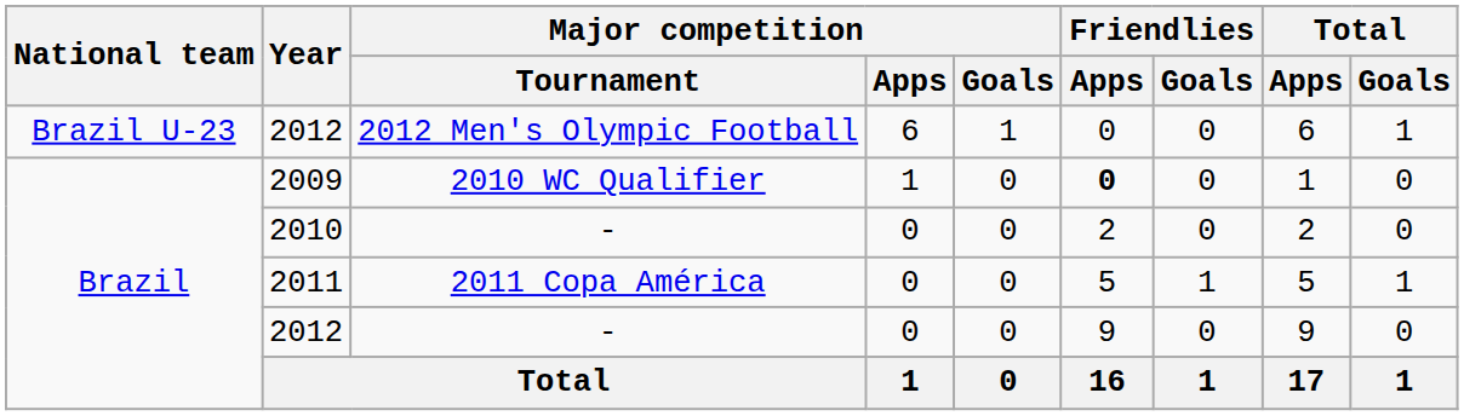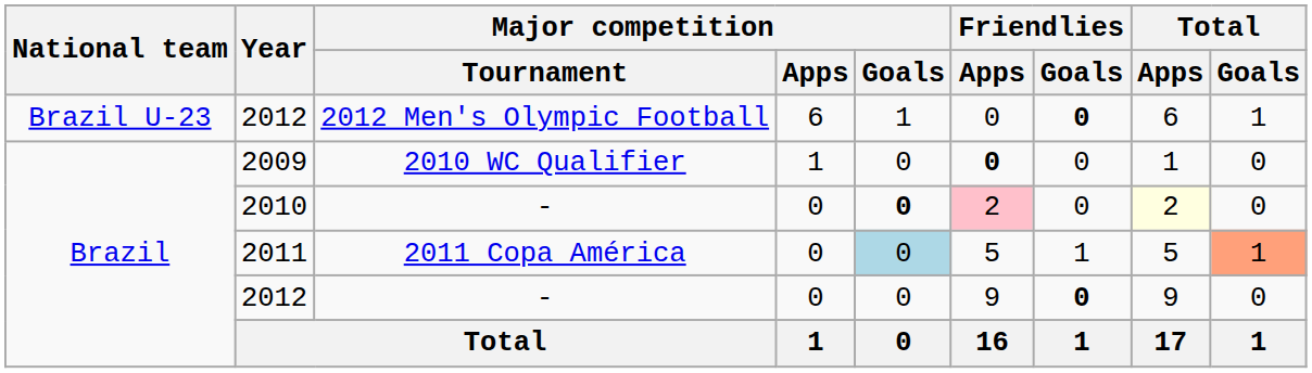 <table class="wikitable" style="font-size:100%; text-align: center">
 <tr>
 <th rowspan="2">National team</th>
 <th rowspan="2">Year</th>
 <th colspan="3">Major competition</th>
 <th colspan="2">Friendlies</th>
 <th colspan="2">Total</th>
 </tr>
 <tr>
 <th>Tournament</th>
 <th>Apps</th>
 <th>Goals</th>
 <th>Apps</th>
 <th>Goals</th>
 <th>Apps</th>
 <th>Goals</th>
 </tr>
 <tr>
 <td><a href='#'>Brazil U-23</a></td>
 <td>2012</td>
 <td><a href='#'>2012 Men's Olympic Football</a></td>
 <td>6</td>
 <td>1</td>
 <td>0</td>
-<td>0</td>
+<td><strong>0</strong></td>
 <td>6</td>
 <td>1</td>
 </tr>
 <tr>
 <td rowspan="5" style="vertical-align:center;"><a href='#'>Brazil</a></td>
 <td>2009</td>
 <td><a href='#'>2010 WC Qualifier</a></td>
 <td>1</td>
 <td>0</td>
 <td><strong>0</strong></td>
 <td>0</td>
 <td>1</td>
 <td>0</td>
 </tr>
 <tr>
 <td>2010</td>
 <td>-</td>
 <td>0</td>
+<td><strong>0</strong></td>
+<td style="background: pink;">2</td>
 <td>0</td>
-<td>2</td>
-<td>0</td>
-<td>2</td>
+<td style="background: lightyellow;">2</td>
 <td>0</td>
 </tr>
 <tr>
 <td>2011</td>
 <td><a href='#'>2011 Copa América</a></td>
 <td>0</td>
-<td>0</td>
+<td style="background: lightblue;">0</td>
 <td>5</td>
 <td>1</td>
 <td>5</td>
-<td>1</td>
+<td style="background: lightsalmon;">1</td>
 </tr>
 <tr>
 <td>2012</td>
 <td>-</td>
 <td>0</td>
 <td>0</td>
 <td>9</td>
-<td>0</td>
+<td><strong>0</strong></td>
 <td>9</td>
 <td>0</td>
 </tr>
 <tr>
 <th colspan="2">Total</th>
 <th>1</th>
 <th>0</th>
 <th>16</th>
 <th>1</th>
 <th>17</th>
 <th>1</th>
 </tr>
 </table>
